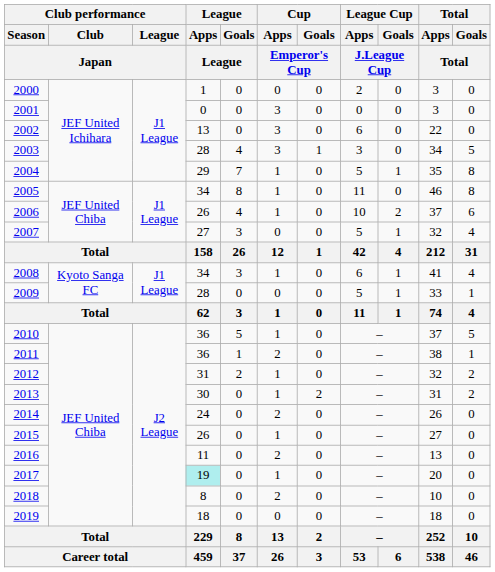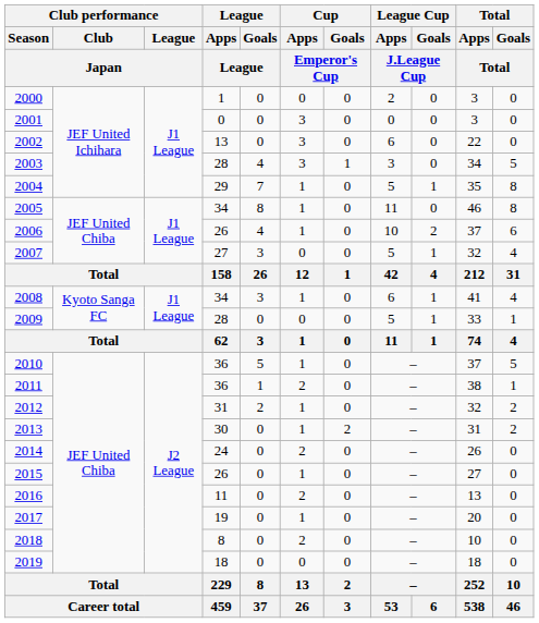 <table class="wikitable" style="text-align:center;">
 <tr>
 <th colspan=3>Club performance</th>
 <th colspan=2>League</th>
 <th colspan=2>Cup</th>
 <th colspan=2>League Cup</th>
 <th colspan=2>Total</th>
 </tr>
 <tr>
 <th>Season</th>
 <th>Club</th>
 <th>League</th>
 <th>Apps</th>
 <th>Goals</th>
 <th>Apps</th>
 <th>Goals</th>
 <th>Apps</th>
 <th>Goals</th>
 <th>Apps</th>
 <th>Goals</th>
 </tr>
 <tr>
 <th colspan=3>Japan</th>
 <th colspan=2>League</th>
 <th colspan=2><a href='#'>Emperor's Cup</a></th>
 <th colspan=2><a href='#'>J.League Cup</a></th>
 <th colspan=2>Total</th>
 </tr>
 <tr>
 <td><a href='#'>2000</a></td>
 <td rowspan="5"><a href='#'>JEF United Ichihara</a></td>
 <td rowspan="5"><a href='#'>J1 League</a></td>
 <td>1</td>
 <td>0</td>
 <td>0</td>
 <td>0</td>
 <td>2</td>
 <td>0</td>
 <td>3</td>
 <td>0</td>
 </tr>
 <tr>
 <td><a href='#'>2001</a></td>
 <td>0</td>
 <td>0</td>
 <td>3</td>
 <td>0</td>
 <td>0</td>
 <td>0</td>
 <td>3</td>
 <td>0</td>
 </tr>
 <tr>
 <td><a href='#'>2002</a></td>
 <td>13</td>
 <td>0</td>
 <td>3</td>
 <td>0</td>
 <td>6</td>
 <td>0</td>
 <td>22</td>
 <td>0</td>
 </tr>
 <tr>
 <td><a href='#'>2003</a></td>
 <td>28</td>
 <td>4</td>
 <td>3</td>
 <td>1</td>
 <td>3</td>
 <td>0</td>
 <td>34</td>
 <td>5</td>
 </tr>
 <tr>
 <td><a href='#'>2004</a></td>
 <td>29</td>
 <td>7</td>
 <td>1</td>
 <td>0</td>
 <td>5</td>
 <td>1</td>
 <td>35</td>
 <td>8</td>
 </tr>
 <tr>
 <td><a href='#'>2005</a></td>
 <td rowspan="3"><a href='#'>JEF United Chiba</a></td>
 <td rowspan="3"><a href='#'>J1 League</a></td>
 <td>34</td>
 <td>8</td>
 <td>1</td>
 <td>0</td>
 <td>11</td>
 <td>0</td>
 <td>46</td>
 <td>8</td>
 </tr>
 <tr>
 <td><a href='#'>2006</a></td>
 <td>26</td>
 <td>4</td>
 <td>1</td>
 <td>0</td>
 <td>10</td>
 <td>2</td>
 <td>37</td>
 <td>6</td>
 </tr>
 <tr>
 <td><a href='#'>2007</a></td>
 <td>27</td>
 <td>3</td>
 <td>0</td>
 <td>0</td>
 <td>5</td>
 <td>1</td>
 <td>32</td>
 <td>4</td>
 </tr>
 <tr>
 <th colspan="3">Total</th>
 <th>158</th>
 <th>26</th>
 <th>12</th>
 <th>1</th>
 <th>42</th>
 <th>4</th>
 <th>212</th>
 <th>31</th>
 </tr>
 <tr>
 <td><a href='#'>2008</a></td>
 <td rowspan="2"><a href='#'>Kyoto Sanga FC</a></td>
 <td rowspan="2"><a href='#'>J1 League</a></td>
 <td>34</td>
 <td>3</td>
 <td>1</td>
 <td>0</td>
 <td>6</td>
 <td>1</td>
 <td>41</td>
 <td>4</td>
 </tr>
 <tr>
 <td><a href='#'>2009</a></td>
 <td>28</td>
 <td>0</td>
 <td>0</td>
 <td>0</td>
 <td>5</td>
 <td>1</td>
 <td>33</td>
 <td>1</td>
 </tr>
 <tr>
 <th colspan="3">Total</th>
 <th>62</th>
 <th>3</th>
 <th>1</th>
 <th>0</th>
 <th>11</th>
 <th>1</th>
 <th>74</th>
 <th>4</th>
 </tr>
 <tr>
 <td><a href='#'>2010</a></td>
 <td rowspan="10"><a href='#'>JEF United Chiba</a></td>
 <td rowspan="10"><a href='#'>J2 League</a></td>
 <td>36</td>
 <td>5</td>
 <td>1</td>
 <td>0</td>
 <td colspan="2">–</td>
 <td>37</td>
 <td>5</td>
 </tr>
 <tr>
 <td><a href='#'>2011</a></td>
 <td>36</td>
 <td>1</td>
 <td>2</td>
 <td>0</td>
 <td colspan="2">–</td>
 <td>38</td>
 <td>1</td>
 </tr>
 <tr>
 <td><a href='#'>2012</a></td>
 <td>31</td>
 <td>2</td>
 <td>1</td>
 <td>0</td>
 <td colspan="2">–</td>
 <td>32</td>
 <td>2</td>
 </tr>
 <tr>
 <td><a href='#'>2013</a></td>
 <td>30</td>
 <td>0</td>
 <td>1</td>
 <td>2</td>
 <td colspan="2">–</td>
 <td>31</td>
 <td>2</td>
 </tr>
 <tr>
 <td><a href='#'>2014</a></td>
 <td>24</td>
 <td>0</td>
 <td>2</td>
 <td>0</td>
 <td colspan="2">–</td>
 <td>26</td>
 <td>0</td>
 </tr>
 <tr>
 <td><a href='#'>2015</a></td>
 <td>26</td>
 <td>0</td>
 <td>1</td>
 <td>0</td>
 <td colspan="2">–</td>
 <td>27</td>
 <td>0</td>
 </tr>
 <tr>
 <td><a href='#'>2016</a></td>
 <td>11</td>
 <td>0</td>
 <td>2</td>
 <td>0</td>
 <td colspan="2">–</td>
 <td>13</td>
 <td>0</td>
 </tr>
 <tr>
 <td><a href='#'>2017</a></td>
-<td style="background: paleturquoise;">19</td>
+<td>19</td>
 <td>0</td>
 <td>1</td>
 <td>0</td>
 <td colspan="2">–</td>
 <td>20</td>
 <td>0</td>
 </tr>
 <tr>
 <td><a href='#'>2018</a></td>
 <td>8</td>
 <td>0</td>
 <td>2</td>
 <td>0</td>
 <td colspan="2">–</td>
 <td>10</td>
 <td>0</td>
 </tr>
 <tr>
 <td><a href='#'>2019</a></td>
 <td>18</td>
 <td>0</td>
 <td>0</td>
 <td>0</td>
 <td colspan="2">–</td>
 <td>18</td>
 <td>0</td>
 </tr>
 <tr>
 <th colspan="3">Total</th>
 <th>229</th>
 <th>8</th>
 <th>13</th>
 <th>2</th>
 <th colspan="2">–</th>
 <th>252</th>
 <th>10</th>
 </tr>
 <tr>
 <th colspan=3>Career total</th>
 <th>459</th>
 <th>37</th>
 <th>26</th>
 <th>3</th>
 <th>53</th>
 <th>6</th>
 <th>538</th>
 <th>46</th>
 </tr>
 </table>
